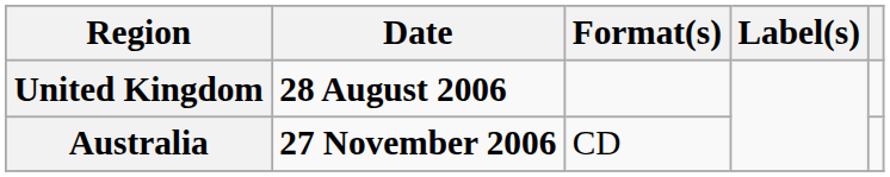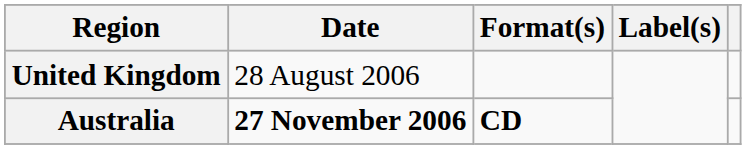 <table class="wikitable plainrowheaders">
 <tr>
 <th scope="col">Region</th>
 <th scope="col">Date</th>
 <th scope="col">Format(s)</th>
 <th scope="col">Label(s)</th>
 <th scope="col"></th>
 </tr>
 <tr>
 <th scope="row">United Kingdom</th>
-<td><strong>28 August 2006</strong></td>
+<td>28 August 2006</td>
 <td></td>
 <td rowspan="2"></td>
 <td align="center"></td>
 </tr>
 <tr>
 <th scope="row">Australia</th>
 <td><strong>27 November 2006</strong></td>
-<td>CD</td>
+<td><strong>CD</strong></td>
 <td align="center"></td>
 </tr>
 </table>
